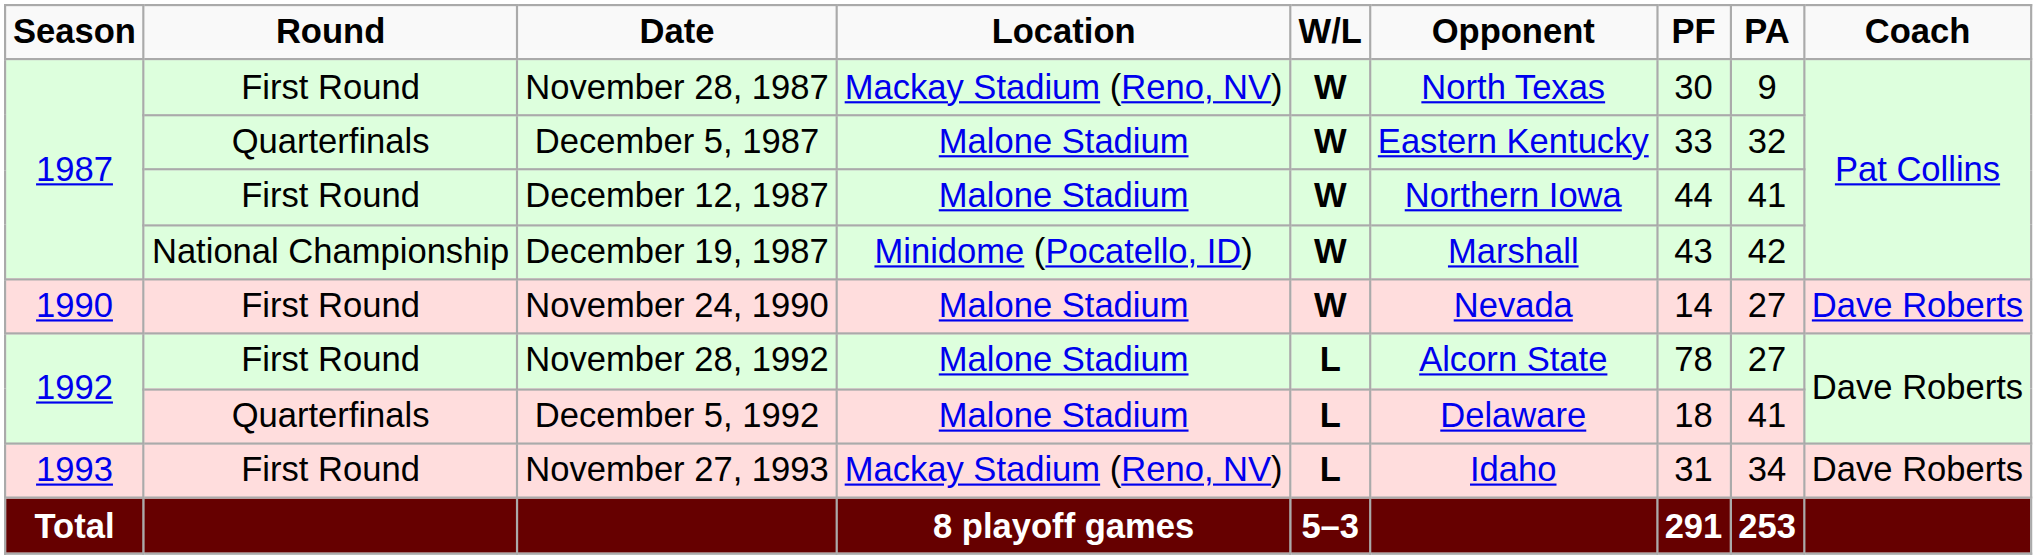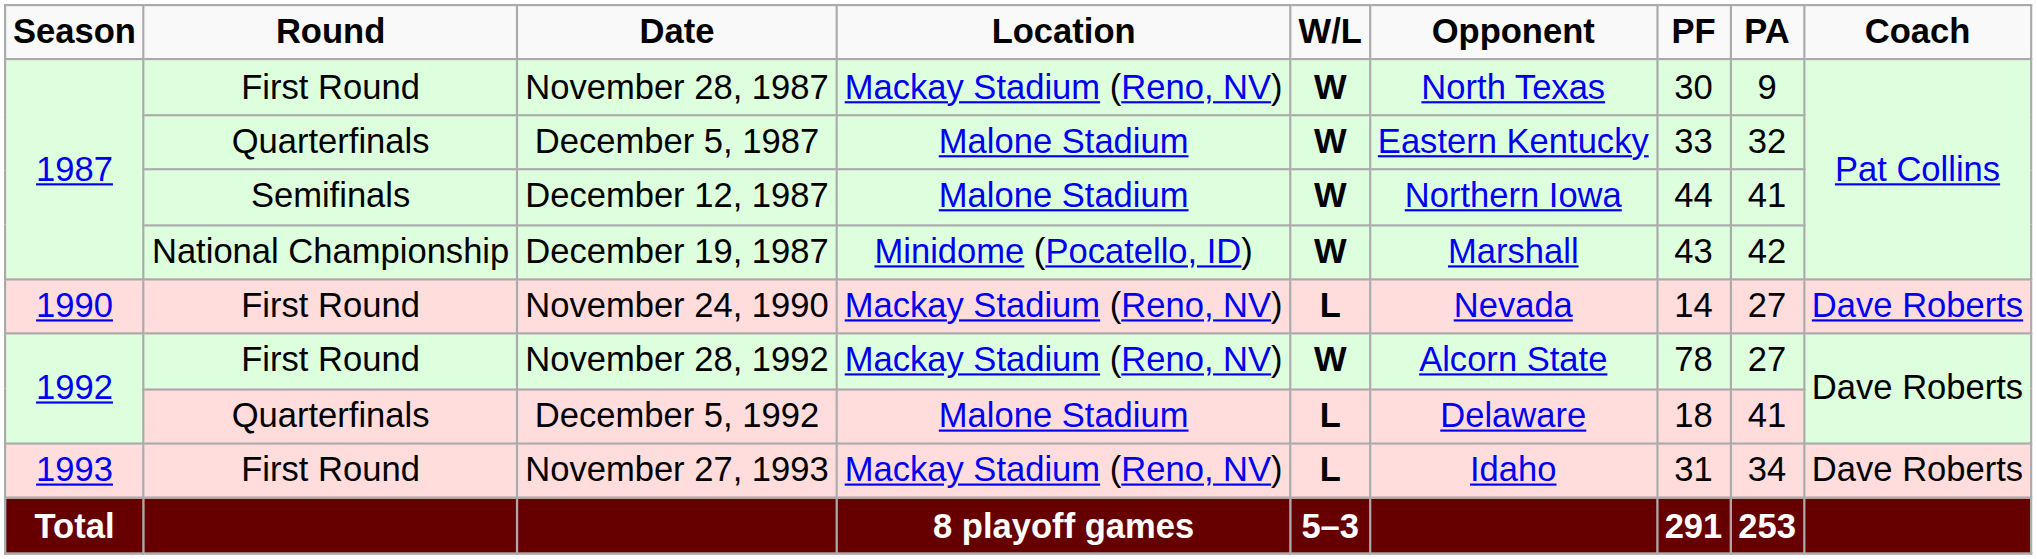 <table class="wikitable" style="text-align:center;">
 <tr>
 <td><strong>Season</strong></td>
 <td><strong>Round</strong></td>
 <td><strong>Date</strong></td>
 <td><strong>Location</strong></td>
 <td><strong>W/L</strong></td>
 <td><strong>Opponent</strong></td>
 <td><strong>PF</strong></td>
 <td><strong>PA</strong></td>
 <td><strong>Coach</strong></td>
 </tr>
 <tr style="background:#dfd;">
 <td rowspan=4><a href='#'>1987</a></td>
 <td>First Round</td>
 <td>November 28, 1987</td>
 <td><a href='#'>Mackay Stadium</a> (<a href='#'>Reno, NV</a>)</td>
 <td><strong>W</strong></td>
 <td><a href='#'>North Texas</a></td>
 <td>30</td>
 <td>9</td>
 <td rowspan=4><a href='#'>Pat Collins</a></td>
 </tr>
 <tr style="background:#dfd;">
 <td>Quarterfinals</td>
 <td>December 5, 1987</td>
 <td><a href='#'>Malone Stadium</a></td>
 <td><strong>W</strong></td>
 <td><a href='#'>Eastern Kentucky</a></td>
 <td>33</td>
 <td>32</td>
 </tr>
 <tr style="background:#dfd;">
-<td>First Round</td>
+<td>Semifinals</td>
 <td>December 12, 1987</td>
 <td><a href='#'>Malone Stadium</a></td>
 <td><strong>W</strong></td>
 <td><a href='#'>Northern Iowa</a></td>
 <td>44</td>
 <td>41</td>
 </tr>
 <tr style="background:#dfd;">
 <td>National Championship</td>
 <td>December 19, 1987</td>
 <td><a href='#'>Minidome</a> (<a href='#'>Pocatello, ID</a>)</td>
 <td><strong>W</strong></td>
 <td><a href='#'>Marshall</a></td>
 <td>43</td>
 <td>42</td>
 </tr>
 <tr style="background:#fdd;">
 <td><a href='#'>1990</a></td>
 <td>First Round</td>
 <td>November 24, 1990</td>
-<td><a href='#'>Malone Stadium</a></td>
-<td><strong>W</strong></td>
+<td><a href='#'>Mackay Stadium</a> (<a href='#'>Reno, NV</a>)</td>
+<td><strong>L</strong></td>
 <td><a href='#'>Nevada</a></td>
 <td>14</td>
 <td>27</td>
 <td><a href='#'>Dave Roberts</a></td>
 </tr>
 <tr style="background:#dfd;">
 <td rowspan=2><a href='#'>1992</a></td>
 <td>First Round</td>
 <td>November 28, 1992</td>
-<td><a href='#'>Malone Stadium</a></td>
-<td><strong>L</strong></td>
+<td><a href='#'>Mackay Stadium</a> (<a href='#'>Reno, NV</a>)</td>
+<td><strong>W</strong></td>
 <td><a href='#'>Alcorn State</a></td>
 <td>78</td>
 <td>27</td>
 <td rowspan=2>Dave Roberts</td>
 </tr>
 <tr style="background:#fdd;">
 <td>Quarterfinals</td>
 <td>December 5, 1992</td>
 <td><a href='#'>Malone Stadium</a></td>
 <td><strong>L</strong></td>
 <td><a href='#'>Delaware</a></td>
 <td>18</td>
 <td>41</td>
 </tr>
 <tr style="background:#fdd;">
 <td><a href='#'>1993</a></td>
 <td>First Round</td>
 <td>November 27, 1993</td>
 <td><a href='#'>Mackay Stadium</a> (<a href='#'>Reno, NV</a>)</td>
 <td><strong>L</strong></td>
 <td><a href='#'>Idaho</a></td>
 <td>31</td>
 <td>34</td>
 <td>Dave Roberts</td>
 </tr>
 <tr style="background:#660000; color:white;">
 <td><strong>Total</strong></td>
 <td> </td>
 <td> </td>
 <td><strong>8 playoff games</strong></td>
 <td><strong>5–3</strong></td>
 <td></td>
 <td><strong>291</strong></td>
 <td><strong>253</strong></td>
 <td></td>
 </tr>
 </table>
